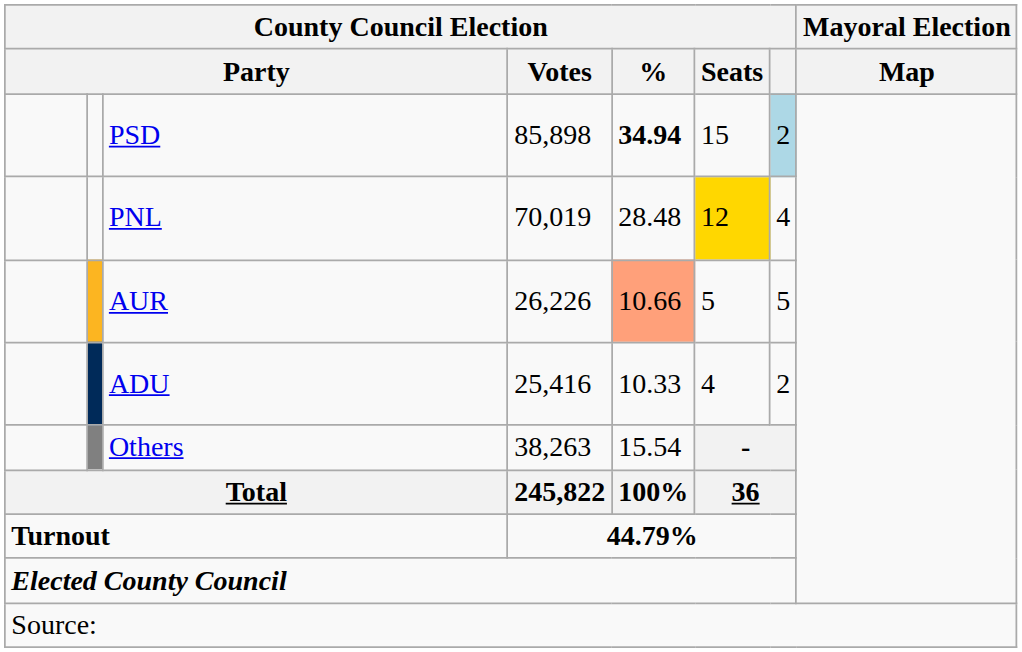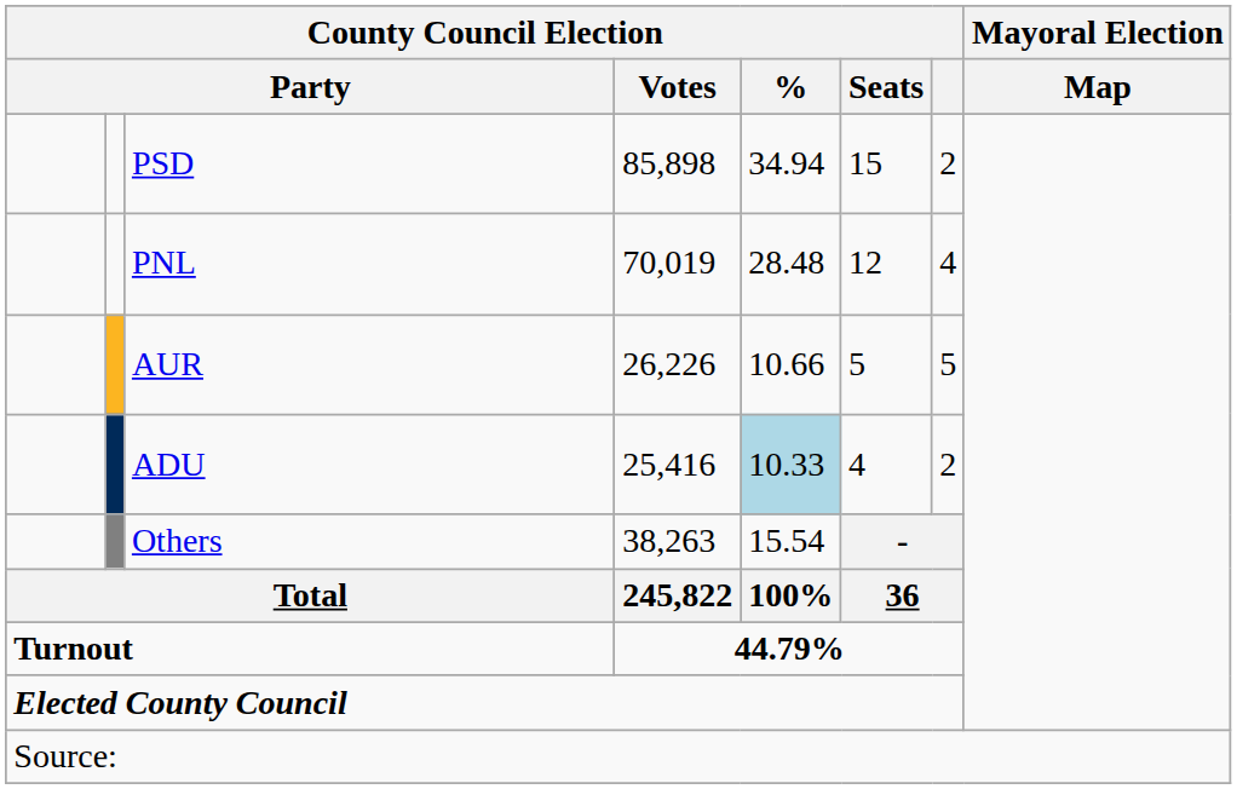 <table class="wikitable" style="text-align:left">
 <tr>
 <th colspan="7">County Council Election</th>
 <th>Mayoral Election</th>
 </tr>
 <tr>
 <th colspan="3" width="280">Party</th>
 <th>Votes</th>
 <th>%</th>
 <th>Seats</th>
 <th></th>
 <th>Map</th>
 </tr>
 <tr>
 <td width="40" height="40"></td>
 <td width="1" style="color:inherit;background:"></td>
 <td align="left"><a href='#'>PSD</a></td>
 <td>85,898</td>
-<td><strong>34.94</strong></td>
+<td>34.94</td>
 <td>15</td>
-<td style="background: lightblue;">2</td>
+<td>2</td>
 <td rowspan="8"></td>
 </tr>
 <tr>
 <td height="40"></td>
 <td style="color:inherit;background:"></td>
 <td align="left"><a href='#'>PNL</a></td>
 <td>70,019</td>
 <td>28.48</td>
-<td style="background: gold;">12</td>
+<td>12</td>
 <td>4</td>
 </tr>
 <tr>
 <td height="40"></td>
 <td style="background:#FCB521;"></td>
 <td align="left"><a href='#'>AUR</a></td>
 <td>26,226</td>
-<td style="background: lightsalmon;">10.66</td>
+<td>10.66</td>
 <td>5</td>
 <td>5</td>
 </tr>
 <tr>
 <td height="40"></td>
 <td style="background:#002A59;"></td>
 <td align="left"><a href='#'>ADU</a></td>
 <td>25,416</td>
-<td>10.33</td>
+<td style="background: lightblue;">10.33</td>
 <td>4</td>
 <td>2</td>
 </tr>
 <tr>
 <td></td>
 <td style="background-color:Grey "></td>
 <td align="left"><a href='#'>Others</a></td>
 <td>38,263</td>
 <td>15.54</td>
 <th colspan="2">-</th>
 </tr>
 <tr>
 <th colspan="3"><strong><u>Total</u></strong></th>
 <th style="text-align: left">245,822</th>
 <th style="text-align: left">100%</th>
 <th colspan="2"><strong><u>36</u></strong></th>
 </tr>
 <tr>
 <td colspan="3"><strong>Turnout</strong></td>
 <td colspan="4" style="text-align: center"><strong>44.79%</strong></td>
 </tr>
 <tr>
 <td colspan="7"><strong><em>Elected County Council</em></strong></td>
 </tr>
 <tr>
 <td colspan="8">Source: </td>
 </tr>
 </table>
